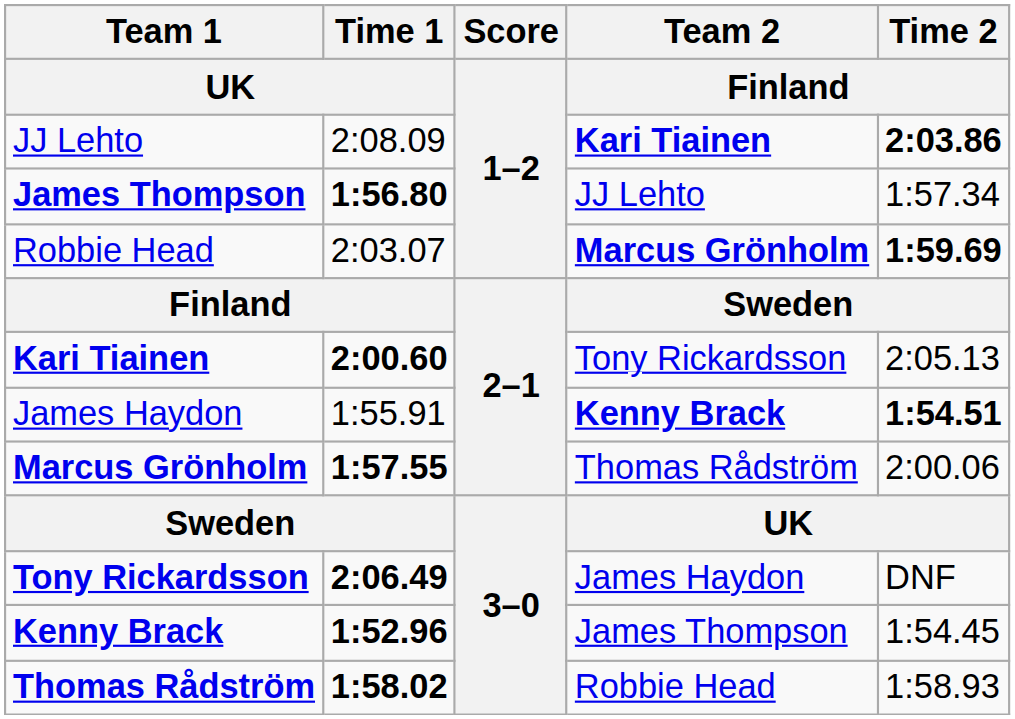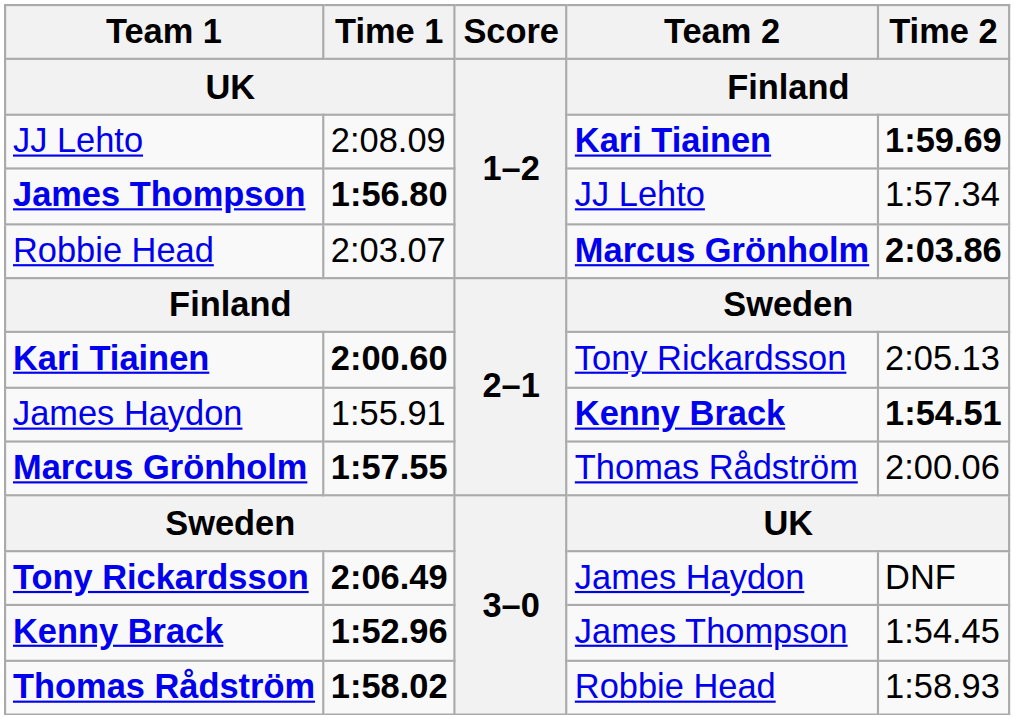 <table class="wikitable">
 <tr>
 <th>Team 1</th>
 <th>Time 1</th>
 <th>Score</th>
 <th>Team 2</th>
 <th>Time 2</th>
 </tr>
 <tr>
 <th colspan=2> UK</th>
 <th rowspan=4>1–2</th>
 <th colspan=2> <strong>Finland</strong></th>
 </tr>
 <tr>
 <td><a href='#'>JJ Lehto</a></td>
 <td>2:08.09</td>
 <td><strong><a href='#'>Kari Tiainen</a></strong></td>
-<td><strong>2:03.86</strong></td>
+<td><strong>1:59.69</strong></td>
 </tr>
 <tr>
 <td><strong><a href='#'>James Thompson</a></strong></td>
 <td><strong>1:56.80</strong></td>
 <td><a href='#'>JJ Lehto</a></td>
 <td>1:57.34</td>
 </tr>
 <tr>
 <td><a href='#'>Robbie Head</a></td>
 <td>2:03.07</td>
 <td><strong><a href='#'>Marcus Grönholm</a></strong></td>
-<td><strong>1:59.69</strong></td>
+<td><strong>2:03.86</strong></td>
 </tr>
 <tr>
 <th colspan=2> <strong>Finland</strong></th>
 <th rowspan=4>2–1</th>
 <th colspan=2> Sweden</th>
 </tr>
 <tr>
 <td><strong><a href='#'>Kari Tiainen</a></strong></td>
 <td><strong>2:00.60</strong></td>
 <td><a href='#'>Tony Rickardsson</a></td>
 <td>2:05.13</td>
 </tr>
 <tr>
 <td><a href='#'>James Haydon</a></td>
 <td>1:55.91</td>
 <td><strong><a href='#'>Kenny Brack</a></strong></td>
 <td><strong>1:54.51</strong></td>
 </tr>
 <tr>
 <td><strong><a href='#'>Marcus Grönholm</a></strong></td>
 <td><strong>1:57.55</strong></td>
 <td><a href='#'>Thomas Rådström</a></td>
 <td>2:00.06</td>
 </tr>
 <tr>
 <th colspan=2> <strong>Sweden</strong></th>
 <th rowspan=4>3–0</th>
 <th colspan=2> UK</th>
 </tr>
 <tr>
 <td><strong><a href='#'>Tony Rickardsson</a></strong></td>
 <td><strong>2:06.49</strong></td>
 <td><a href='#'>James Haydon</a></td>
 <td>DNF</td>
 </tr>
 <tr>
 <td><strong><a href='#'>Kenny Brack</a></strong></td>
 <td><strong>1:52.96</strong></td>
 <td><a href='#'>James Thompson</a></td>
 <td>1:54.45</td>
 </tr>
 <tr>
 <td><strong><a href='#'>Thomas Rådström</a></strong></td>
 <td><strong>1:58.02</strong></td>
 <td><a href='#'>Robbie Head</a></td>
 <td>1:58.93</td>
 </tr>
 </table>
